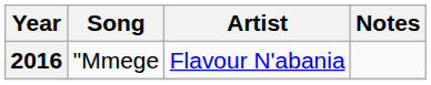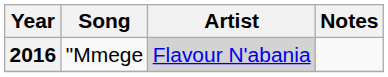 <table class="wikitable plainrowheaders sortable">
 <tr>
 <th scope="col">Year</th>
 <th scope="col">Song</th>
 <th scope="col">Artist</th>
 <th scope="col" class="unsortable">Notes</th>
 </tr>
 <tr>
 <th scope="row">2016</th>
 <td>"Mmege</td>
-<td><a href='#'>Flavour N'abania</a></td>
+<td style="background: lightgrey;"><a href='#'>Flavour N'abania</a></td>
 <td></td>
 </tr>
 <tr>
 </tr>
 </table>
